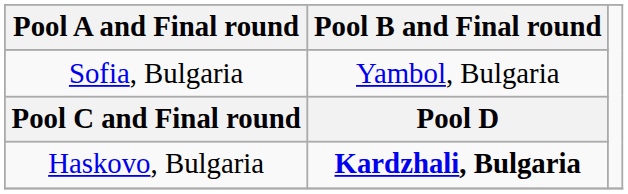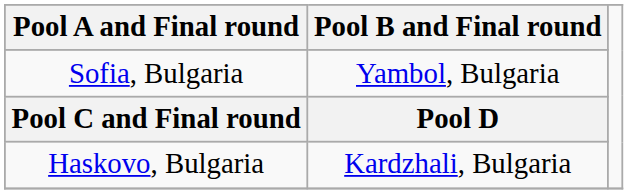 <table class="wikitable" style="text-align:center">
 <tr>
 <th>Pool A and Final round</th>
 <th>Pool B and Final round</th>
 <td rowspan=4></td>
 </tr>
 <tr>
 <td> <a href='#'>Sofia</a>, Bulgaria</td>
 <td> <a href='#'>Yambol</a>, Bulgaria</td>
 </tr>
 <tr>
 <th>Pool C and Final round</th>
 <th>Pool D</th>
 </tr>
 <tr>
 <td> <a href='#'>Haskovo</a>, Bulgaria</td>
-<td><strong> <a href='#'>Kardzhali</a>, Bulgaria</strong></td>
+<td> <a href='#'>Kardzhali</a>, Bulgaria</td>
 </tr>
 <tr>
 </tr>
 </table>
